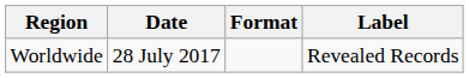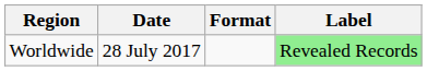 <table class=wikitable>
 <tr>
 <th>Region</th>
 <th>Date</th>
 <th>Format</th>
 <th>Label</th>
 </tr>
 <tr>
 <td>Worldwide</td>
 <td rowspan="7">28 July 2017</td>
 <td rowspan="7"></td>
-<td>Revealed Records</td>
+<td style="background: lightgreen;">Revealed Records</td>
 </tr>
 </table>
